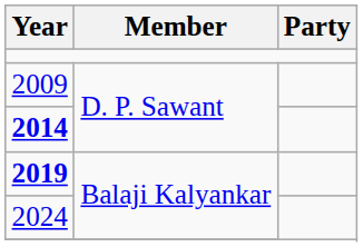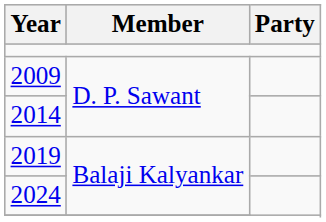 <table class="wikitable">
 <tr>
 <th>Year</th>
 <th>Member</th>
 <th colspan=2>Party</th>
 </tr>
 <tr>
 <td colspan="4"></td>
 </tr>
 <tr>
 <td><a href='#'>2009</a></td>
 <td Rowspan=2><a href='#'>D. P. Sawant</a></td>
 <td></td>
 </tr>
 <tr>
-<td><strong><a href='#'>2014</a></strong></td>
+<td><a href='#'>2014</a></td>
 </tr>
 <tr>
-<td><strong><a href='#'>2019</a></strong></td>
+<td><a href='#'>2019</a></td>
 <td Rowspan=2><a href='#'>Balaji Kalyankar</a></td>
 <td></td>
 </tr>
 <tr>
 <td><a href='#'>2024</a></td>
 </tr>
 <tr>
 </tr>
 </table>
